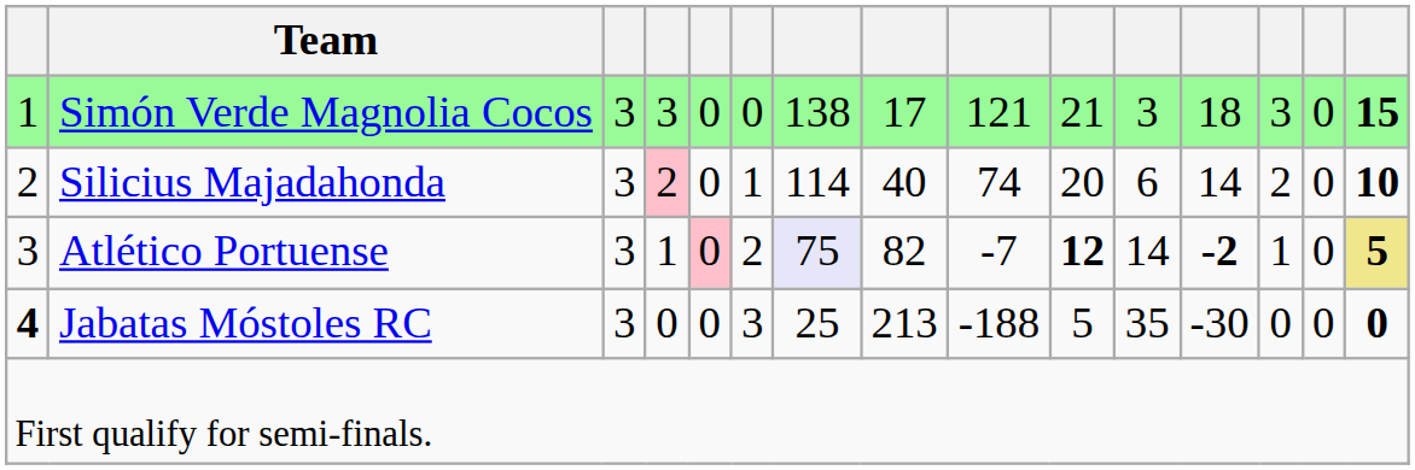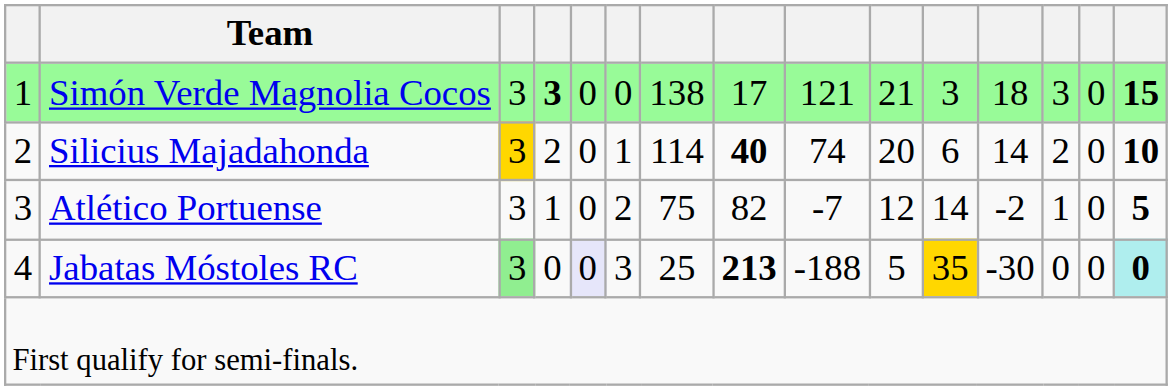 <table class="wikitable" style="text-align:center;">
 <tr>
 <th></th>
 <th>Team</th>
 <th></th>
 <th></th>
 <th></th>
 <th></th>
 <th></th>
 <th></th>
 <th></th>
 <th></th>
 <th></th>
 <th></th>
 <th></th>
 <th></th>
 <th></th>
 </tr>
 <tr bgcolor=palegreen>
 <td>1</td>
 <td align="left"><a href='#'>Simón Verde Magnolia Cocos</a></td>
 <td>3</td>
-<td>3</td>
+<td><strong>3</strong></td>
 <td>0</td>
 <td>0</td>
 <td>138</td>
 <td>17</td>
 <td>121</td>
 <td>21</td>
 <td>3</td>
 <td>18</td>
 <td>3</td>
 <td>0</td>
 <td><strong>15</strong></td>
 </tr>
 <tr>
 <td>2</td>
 <td align="left"><a href='#'>Silicius Majadahonda</a></td>
-<td>3</td>
-<td style="background: pink;">2</td>
+<td style="background: gold;">3</td>
+<td>2</td>
 <td>0</td>
 <td>1</td>
 <td>114</td>
-<td>40</td>
+<td><strong>40</strong></td>
 <td>74</td>
 <td>20</td>
 <td>6</td>
 <td>14</td>
 <td>2</td>
 <td>0</td>
 <td><strong>10</strong></td>
 </tr>
 <tr>
 <td>3</td>
 <td align="left"><a href='#'>Atlético Portuense</a></td>
 <td>3</td>
 <td>1</td>
-<td style="background: pink;">0</td>
+<td>0</td>
 <td>2</td>
-<td style="background: lavender;">75</td>
+<td>75</td>
 <td>82</td>
 <td>-7</td>
-<td><strong>12</strong></td>
+<td>12</td>
 <td>14</td>
-<td><strong>-2</strong></td>
+<td>-2</td>
 <td>1</td>
 <td>0</td>
-<td style="background: khaki;"><strong>5</strong></td>
+<td><strong>5</strong></td>
 </tr>
 <tr>
-<td><strong>4</strong></td>
+<td>4</td>
 <td align="left"><a href='#'>Jabatas Móstoles RC</a></td>
-<td>3</td>
+<td style="background: lightgreen;">3</td>
 <td>0</td>
-<td>0</td>
+<td style="background: lavender;">0</td>
 <td>3</td>
 <td>25</td>
-<td>213</td>
+<td><strong>213</strong></td>
 <td>-188</td>
 <td>5</td>
-<td>35</td>
+<td style="background: gold;">35</td>
 <td>-30</td>
 <td>0</td>
 <td>0</td>
-<td><strong>0</strong></td>
+<td style="background: paleturquoise;"><strong>0</strong></td>
 </tr>
 <tr | style="text-align:left;" |>
 <td colspan="15" style="border:0px; font-size:smaller"><br><span>First</span> qualify for semi-finals.</td>
 </tr>
 </table>
